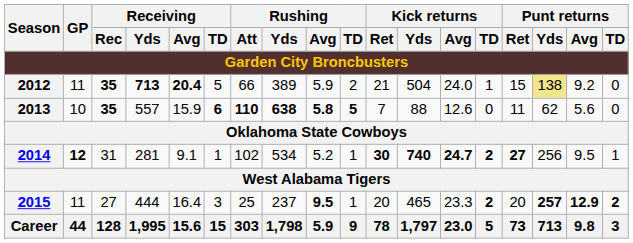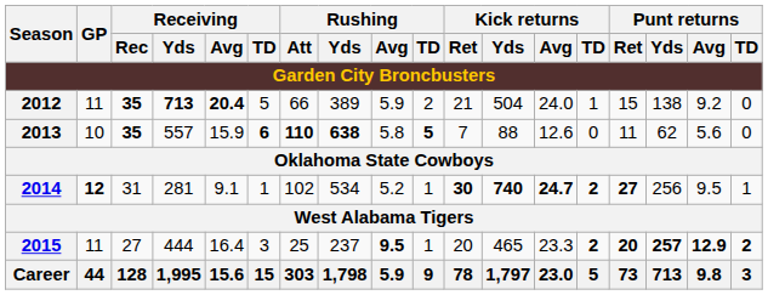 <table class="wikitable" style="text-align:center;">
 <tr>
 <th rowspan="2">Season</th>
 <th rowspan="2">GP</th>
 <th colspan="4">Receiving</th>
 <th colspan="4">Rushing</th>
 <th colspan="4">Kick returns</th>
 <th colspan="4">Punt returns</th>
 </tr>
 <tr>
 <th>Rec</th>
 <th>Yds</th>
 <th>Avg</th>
 <th>TD</th>
 <th>Att</th>
 <th>Yds</th>
 <th>Avg</th>
 <th>TD</th>
 <th>Ret</th>
 <th>Yds</th>
 <th>Avg</th>
 <th>TD</th>
 <th>Ret</th>
 <th>Yds</th>
 <th>Avg</th>
 <th>TD</th>
 </tr>
 <tr>
 <th colspan="18" style="background-color: #512F2E; color:#FFC700; box-shadow: inset 2px 2px 0 #FFC700, inset −2px −2px 0 #FFC700;">Garden City Broncbusters</th>
 </tr>
 <tr>
 <th>2012</th>
 <td>11</td>
 <td><strong>35</strong></td>
 <td><strong>713</strong></td>
 <td><strong>20.4</strong></td>
 <td>5</td>
 <td>66</td>
 <td>389</td>
 <td>5.9</td>
 <td>2</td>
 <td>21</td>
 <td>504</td>
 <td>24.0</td>
 <td>1</td>
 <td>15</td>
-<td style="background: khaki;">138</td>
+<td>138</td>
 <td>9.2</td>
 <td>0</td>
 </tr>
 <tr>
 <th>2013</th>
 <td>10</td>
 <td><strong>35</strong></td>
 <td>557</td>
 <td>15.9</td>
 <td><strong>6</strong></td>
 <td><strong>110</strong></td>
 <td><strong>638</strong></td>
-<td><strong>5.8</strong></td>
+<td>5.8</td>
 <td><strong>5</strong></td>
 <td>7</td>
 <td>88</td>
 <td>12.6</td>
 <td>0</td>
 <td>11</td>
 <td>62</td>
 <td>5.6</td>
 <td>0</td>
 </tr>
 <tr>
 <th colspan="18">Oklahoma State Cowboys</th>
 </tr>
 <tr>
 <th><a href='#'>2014</a></th>
 <td><strong>12</strong></td>
 <td>31</td>
 <td>281</td>
 <td>9.1</td>
 <td>1</td>
 <td>102</td>
 <td>534</td>
 <td>5.2</td>
 <td>1</td>
 <td><strong>30</strong></td>
 <td><strong>740</strong></td>
 <td><strong>24.7</strong></td>
 <td><strong>2</strong></td>
 <td><strong>27</strong></td>
 <td>256</td>
 <td>9.5</td>
 <td>1</td>
 </tr>
 <tr>
 <th colspan="18">West Alabama Tigers</th>
 </tr>
 <tr>
 <th><a href='#'>2015</a></th>
 <td>11</td>
 <td>27</td>
 <td>444</td>
 <td>16.4</td>
 <td>3</td>
 <td>25</td>
 <td>237</td>
 <td><strong>9.5</strong></td>
 <td>1</td>
 <td>20</td>
 <td>465</td>
 <td>23.3</td>
 <td><strong>2</strong></td>
-<td>20</td>
+<td><strong>20</strong></td>
 <td><strong>257</strong></td>
 <td><strong>12.9</strong></td>
 <td><strong>2</strong></td>
 </tr>
 <tr>
 <th>Career</th>
 <th>44</th>
 <th>128</th>
 <th>1,995</th>
 <th>15.6</th>
 <th>15</th>
 <th>303</th>
 <th>1,798</th>
 <th>5.9</th>
 <th>9</th>
 <th>78</th>
 <th>1,797</th>
 <th>23.0</th>
 <th>5</th>
 <th>73</th>
 <th>713</th>
 <th>9.8</th>
 <th>3</th>
 </tr>
 </table>
